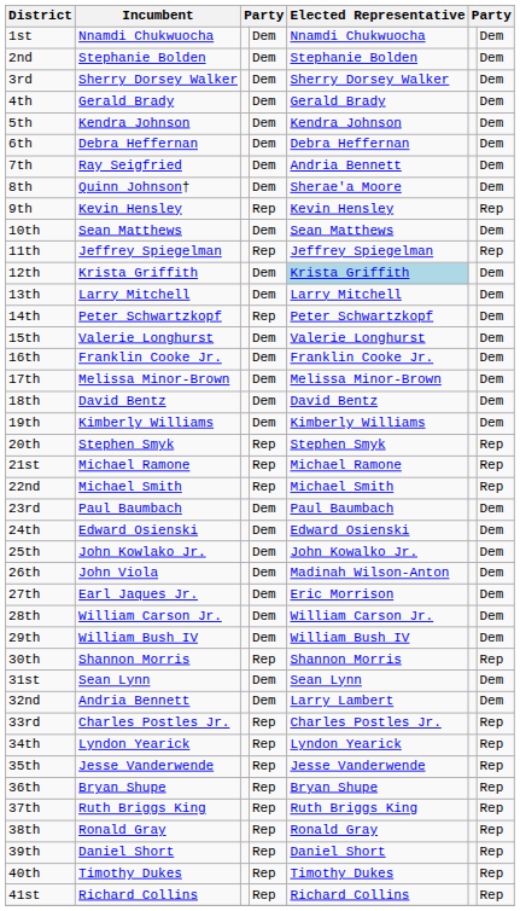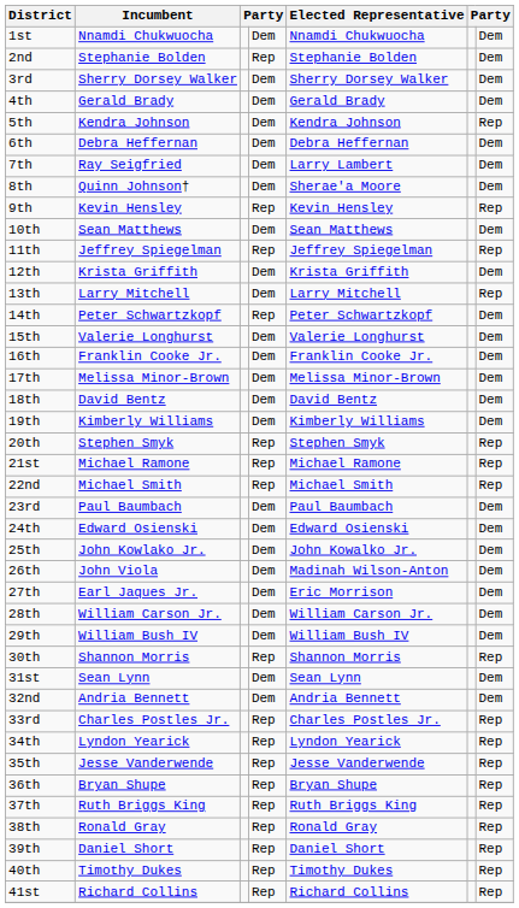 <table class="sortable wikitable" style="font-size:95%;line-height:14px;">
 <tr>
 <th class="sortable">District</th>
 <th class="unsortable">Incumbent</th>
 <th colspan="2">Party</th>
 <th class="unsortable">Elected Representative</th>
 <th colspan="2">Party</th>
 </tr>
 <tr>
 <td>1st</td>
 <td><a href='#'>Nnamdi Chukwuocha</a></td>
 <td style="background:"></td>
 <td>Dem</td>
 <td><a href='#'>Nnamdi Chukwuocha</a></td>
 <td style="background:"></td>
 <td>Dem</td>
 </tr>
 <tr>
 <td>2nd</td>
 <td><a href='#'>Stephanie Bolden</a></td>
 <td style="background:"></td>
-<td>Dem</td>
+<td>Rep</td>
 <td><a href='#'>Stephanie Bolden</a></td>
 <td style="background:"></td>
 <td>Dem</td>
 </tr>
 <tr>
 <td>3rd</td>
 <td><a href='#'>Sherry Dorsey Walker</a></td>
 <td style="background:"></td>
 <td>Dem</td>
 <td><a href='#'>Sherry Dorsey Walker</a></td>
 <td style="background:"></td>
 <td>Dem</td>
 </tr>
 <tr>
 <td>4th</td>
 <td><a href='#'>Gerald Brady</a></td>
 <td style="background:"></td>
 <td>Dem</td>
 <td><a href='#'>Gerald Brady</a></td>
 <td style="background:"></td>
 <td>Dem</td>
 </tr>
 <tr>
 <td>5th</td>
 <td><a href='#'>Kendra Johnson</a></td>
 <td style="background:"></td>
 <td>Dem</td>
 <td><a href='#'>Kendra Johnson</a></td>
 <td style="background:"></td>
-<td>Dem</td>
+<td>Rep</td>
 </tr>
 <tr>
 <td>6th</td>
 <td><a href='#'>Debra Heffernan</a></td>
 <td style="background:"></td>
 <td>Dem</td>
 <td><a href='#'>Debra Heffernan</a></td>
 <td style="background:"></td>
 <td>Dem</td>
 </tr>
 <tr>
 <td>7th</td>
 <td><a href='#'>Ray Seigfried</a></td>
 <td style="background:"></td>
 <td>Dem</td>
-<td><a href='#'>Andria Bennett</a></td>
+<td><a href='#'>Larry Lambert</a></td>
 <td style="background:"></td>
 <td>Dem</td>
 </tr>
 <tr>
 <td>8th</td>
 <td><a href='#'>Quinn Johnson</a>†</td>
 <td style="background:"></td>
 <td>Dem</td>
 <td><a href='#'>Sherae'a Moore</a></td>
 <td style="background:"></td>
 <td>Dem</td>
 </tr>
 <tr>
 <td>9th</td>
 <td><a href='#'>Kevin Hensley</a></td>
 <td style="background:"></td>
 <td>Rep</td>
 <td><a href='#'>Kevin Hensley</a></td>
 <td style="background:"></td>
 <td>Rep</td>
 </tr>
 <tr>
 <td>10th</td>
 <td><a href='#'>Sean Matthews</a></td>
 <td style="background:"></td>
 <td>Dem</td>
 <td><a href='#'>Sean Matthews</a></td>
 <td style="background:"></td>
 <td>Dem</td>
 </tr>
 <tr>
 <td>11th</td>
 <td><a href='#'>Jeffrey Spiegelman</a></td>
 <td style="background:"></td>
 <td>Rep</td>
 <td><a href='#'>Jeffrey Spiegelman</a></td>
 <td style="background:"></td>
 <td>Rep</td>
 </tr>
 <tr>
 <td>12th</td>
 <td><a href='#'>Krista Griffith</a></td>
 <td style="background:"></td>
 <td>Dem</td>
-<td style="background: lightblue;"><a href='#'>Krista Griffith</a></td>
+<td><a href='#'>Krista Griffith</a></td>
 <td style="background:"></td>
 <td>Dem</td>
 </tr>
 <tr>
 <td>13th</td>
 <td><a href='#'>Larry Mitchell</a></td>
 <td style="background:"></td>
 <td>Dem</td>
 <td><a href='#'>Larry Mitchell</a></td>
 <td style="background:"></td>
-<td>Dem</td>
+<td>Rep</td>
 </tr>
 <tr>
 <td>14th</td>
 <td><a href='#'>Peter Schwartzkopf</a></td>
 <td style="background:"></td>
 <td>Rep</td>
 <td><a href='#'>Peter Schwartzkopf</a></td>
 <td style="background:"></td>
 <td>Dem</td>
 </tr>
 <tr>
 <td>15th</td>
 <td><a href='#'>Valerie Longhurst</a></td>
 <td style="background:"></td>
 <td>Dem</td>
 <td><a href='#'>Valerie Longhurst</a></td>
 <td style="background:"></td>
 <td>Dem</td>
 </tr>
 <tr>
 <td>16th</td>
 <td><a href='#'>Franklin Cooke Jr.</a></td>
 <td style="background:"></td>
 <td>Dem</td>
 <td><a href='#'>Franklin Cooke Jr.</a></td>
 <td style="background:"></td>
 <td>Dem</td>
 </tr>
 <tr>
 <td>17th</td>
 <td><a href='#'>Melissa Minor-Brown</a></td>
 <td style="background:"></td>
 <td>Dem</td>
 <td><a href='#'>Melissa Minor-Brown</a></td>
 <td style="background:"></td>
 <td>Dem</td>
 </tr>
 <tr>
 <td>18th</td>
 <td><a href='#'>David Bentz</a></td>
 <td style="background:"></td>
 <td>Dem</td>
 <td><a href='#'>David Bentz</a></td>
 <td style="background:"></td>
 <td>Dem</td>
 </tr>
 <tr>
 <td>19th</td>
 <td><a href='#'>Kimberly Williams</a></td>
 <td style="background:"></td>
 <td>Dem</td>
 <td><a href='#'>Kimberly Williams</a></td>
 <td style="background:"></td>
 <td>Dem</td>
 </tr>
 <tr>
 <td>20th</td>
 <td><a href='#'>Stephen Smyk</a></td>
 <td style="background:"></td>
 <td>Rep</td>
 <td><a href='#'>Stephen Smyk</a></td>
 <td style="background:"></td>
 <td>Rep</td>
 </tr>
 <tr>
 <td>21st</td>
 <td><a href='#'>Michael Ramone</a></td>
 <td style="background:"></td>
 <td>Rep</td>
 <td><a href='#'>Michael Ramone</a></td>
 <td style="background:"></td>
 <td>Rep</td>
 </tr>
 <tr>
 <td>22nd</td>
 <td><a href='#'>Michael Smith</a></td>
 <td style="background:"></td>
 <td>Rep</td>
 <td><a href='#'>Michael Smith</a></td>
 <td style="background:"></td>
 <td>Rep</td>
 </tr>
 <tr>
 <td>23rd</td>
 <td><a href='#'>Paul Baumbach</a></td>
 <td style="background:"></td>
 <td>Dem</td>
 <td><a href='#'>Paul Baumbach</a></td>
 <td style="background:"></td>
 <td>Dem</td>
 </tr>
 <tr>
 <td>24th</td>
 <td><a href='#'>Edward Osienski</a></td>
 <td style="background:"></td>
 <td>Dem</td>
 <td><a href='#'>Edward Osienski</a></td>
 <td style="background:"></td>
 <td>Dem</td>
 </tr>
 <tr>
 <td>25th</td>
 <td><a href='#'>John Kowlako Jr.</a></td>
 <td style="background:"></td>
 <td>Dem</td>
 <td><a href='#'>John Kowalko Jr.</a></td>
 <td style="background:"></td>
 <td>Dem</td>
 </tr>
 <tr>
 <td>26th</td>
 <td><a href='#'>John Viola</a></td>
 <td style="background:"></td>
 <td>Dem</td>
 <td><a href='#'>Madinah Wilson-Anton</a></td>
 <td style="background:"></td>
 <td>Dem</td>
 </tr>
 <tr>
 <td>27th</td>
 <td><a href='#'>Earl Jaques Jr.</a></td>
 <td style="background:"></td>
 <td>Dem</td>
 <td><a href='#'>Eric Morrison</a></td>
 <td style="background:"></td>
 <td>Dem</td>
 </tr>
 <tr>
 <td>28th</td>
 <td><a href='#'>William Carson Jr.</a></td>
 <td style="background:"></td>
 <td>Dem</td>
 <td><a href='#'>William Carson Jr.</a></td>
 <td style="background:"></td>
 <td>Dem</td>
 </tr>
 <tr>
 <td>29th</td>
 <td><a href='#'>William Bush IV</a></td>
 <td style="background:"></td>
 <td>Dem</td>
 <td><a href='#'>William Bush IV</a></td>
 <td style="background:"></td>
 <td>Dem</td>
 </tr>
 <tr>
 <td>30th</td>
 <td><a href='#'>Shannon Morris</a></td>
 <td style="background:"></td>
 <td>Rep</td>
 <td><a href='#'>Shannon Morris</a></td>
 <td style="background:"></td>
 <td>Rep</td>
 </tr>
 <tr>
 <td>31st</td>
 <td><a href='#'>Sean Lynn</a></td>
 <td style="background:"></td>
 <td>Dem</td>
 <td><a href='#'>Sean Lynn</a></td>
 <td style="background:"></td>
 <td>Dem</td>
 </tr>
 <tr>
 <td>32nd</td>
 <td><a href='#'>Andria Bennett</a></td>
 <td style="background:"></td>
 <td>Dem</td>
-<td><a href='#'>Larry Lambert</a></td>
+<td><a href='#'>Andria Bennett</a></td>
 <td style="background:"></td>
 <td>Dem</td>
 </tr>
 <tr>
 <td>33rd</td>
 <td><a href='#'>Charles Postles Jr.</a></td>
 <td style="background:"></td>
 <td>Rep</td>
 <td><a href='#'>Charles Postles Jr.</a></td>
 <td style="background:"></td>
 <td>Rep</td>
 </tr>
 <tr>
 <td>34th</td>
 <td><a href='#'>Lyndon Yearick</a></td>
 <td style="background:"></td>
 <td>Rep</td>
 <td><a href='#'>Lyndon Yearick</a></td>
 <td style="background:"></td>
 <td>Rep</td>
 </tr>
 <tr>
 <td>35th</td>
 <td><a href='#'>Jesse Vanderwende</a></td>
 <td style="background:"></td>
 <td>Rep</td>
 <td><a href='#'>Jesse Vanderwende</a></td>
 <td style="background:"></td>
 <td>Rep</td>
 </tr>
 <tr>
 <td>36th</td>
 <td><a href='#'>Bryan Shupe</a></td>
 <td style="background:"></td>
 <td>Rep</td>
 <td><a href='#'>Bryan Shupe</a></td>
 <td style="background:"></td>
 <td>Rep</td>
 </tr>
 <tr>
 <td>37th</td>
 <td><a href='#'>Ruth Briggs King</a></td>
 <td style="background:"></td>
 <td>Rep</td>
 <td><a href='#'>Ruth Briggs King</a></td>
 <td style="background:"></td>
 <td>Rep</td>
 </tr>
 <tr>
 <td>38th</td>
 <td><a href='#'>Ronald Gray</a></td>
 <td style="background:"></td>
 <td>Rep</td>
 <td><a href='#'>Ronald Gray</a></td>
 <td style="background:"></td>
 <td>Rep</td>
 </tr>
 <tr>
 <td>39th</td>
 <td><a href='#'>Daniel Short</a></td>
 <td style="background:"></td>
 <td>Rep</td>
 <td><a href='#'>Daniel Short</a></td>
 <td style="background:"></td>
 <td>Rep</td>
 </tr>
 <tr>
 <td>40th</td>
 <td><a href='#'>Timothy Dukes</a></td>
 <td style="background:"></td>
 <td>Rep</td>
 <td><a href='#'>Timothy Dukes</a></td>
 <td style="background:"></td>
 <td>Rep</td>
 </tr>
 <tr>
 <td>41st</td>
 <td><a href='#'>Richard Collins</a></td>
 <td style="background:"></td>
 <td>Rep</td>
 <td><a href='#'>Richard Collins</a></td>
 <td style="background:"></td>
 <td>Rep</td>
 </tr>
 <tr>
 </tr>
 </table>
